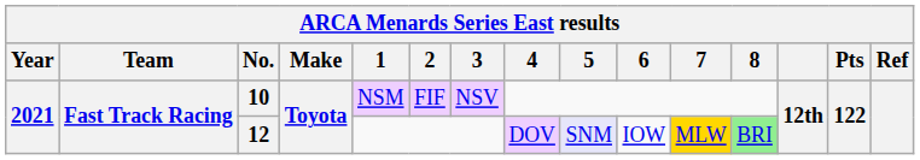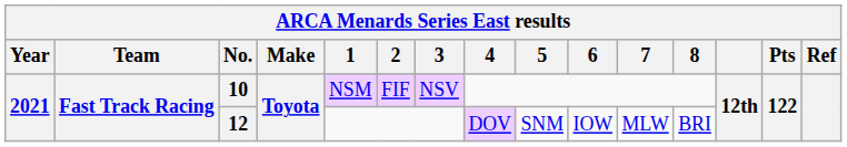 <table class="wikitable" style="text-align:center; font-size:75%">
 <tr>
 <th colspan=15><a href='#'>ARCA Menards Series East</a> results</th>
 </tr>
 <tr>
 <th>Year</th>
 <th>Team</th>
 <th>No.</th>
 <th>Make</th>
 <th>1</th>
 <th>2</th>
 <th>3</th>
 <th>4</th>
 <th>5</th>
 <th>6</th>
 <th>7</th>
 <th>8</th>
 <th></th>
 <th>Pts</th>
 <th>Ref</th>
 </tr>
 <tr>
 <th rowspan=2><a href='#'>2021</a></th>
 <th rowspan=2><a href='#'>Fast Track Racing</a></th>
 <th>10</th>
 <th rowspan=2><a href='#'>Toyota</a></th>
 <td style="background:#EFCFFF;"><a href='#'>NSM</a><br></td>
 <td style="background:#EFCFFF;"><a href='#'>FIF</a><br></td>
 <td style="background:#EFCFFF;"><a href='#'>NSV</a><br></td>
 <td colspan=5></td>
 <th rowspan=2>12th</th>
 <th rowspan=2>122</th>
 <th rowspan=2></th>
 </tr>
 <tr>
 <th>12</th>
 <td colspan=3></td>
 <td style="background:#EFCFFF;"><a href='#'>DOV</a><br></td>
-<td style="background: lavender;"><a href='#'>SNM</a></td>
+<td><a href='#'>SNM</a></td>
 <td><a href='#'>IOW</a></td>
-<td style="background: gold;"><a href='#'>MLW</a></td>
-<td style="background: lightgreen;"><a href='#'>BRI</a></td>
+<td><a href='#'>MLW</a></td>
+<td><a href='#'>BRI</a></td>
 </tr>
 </table>
